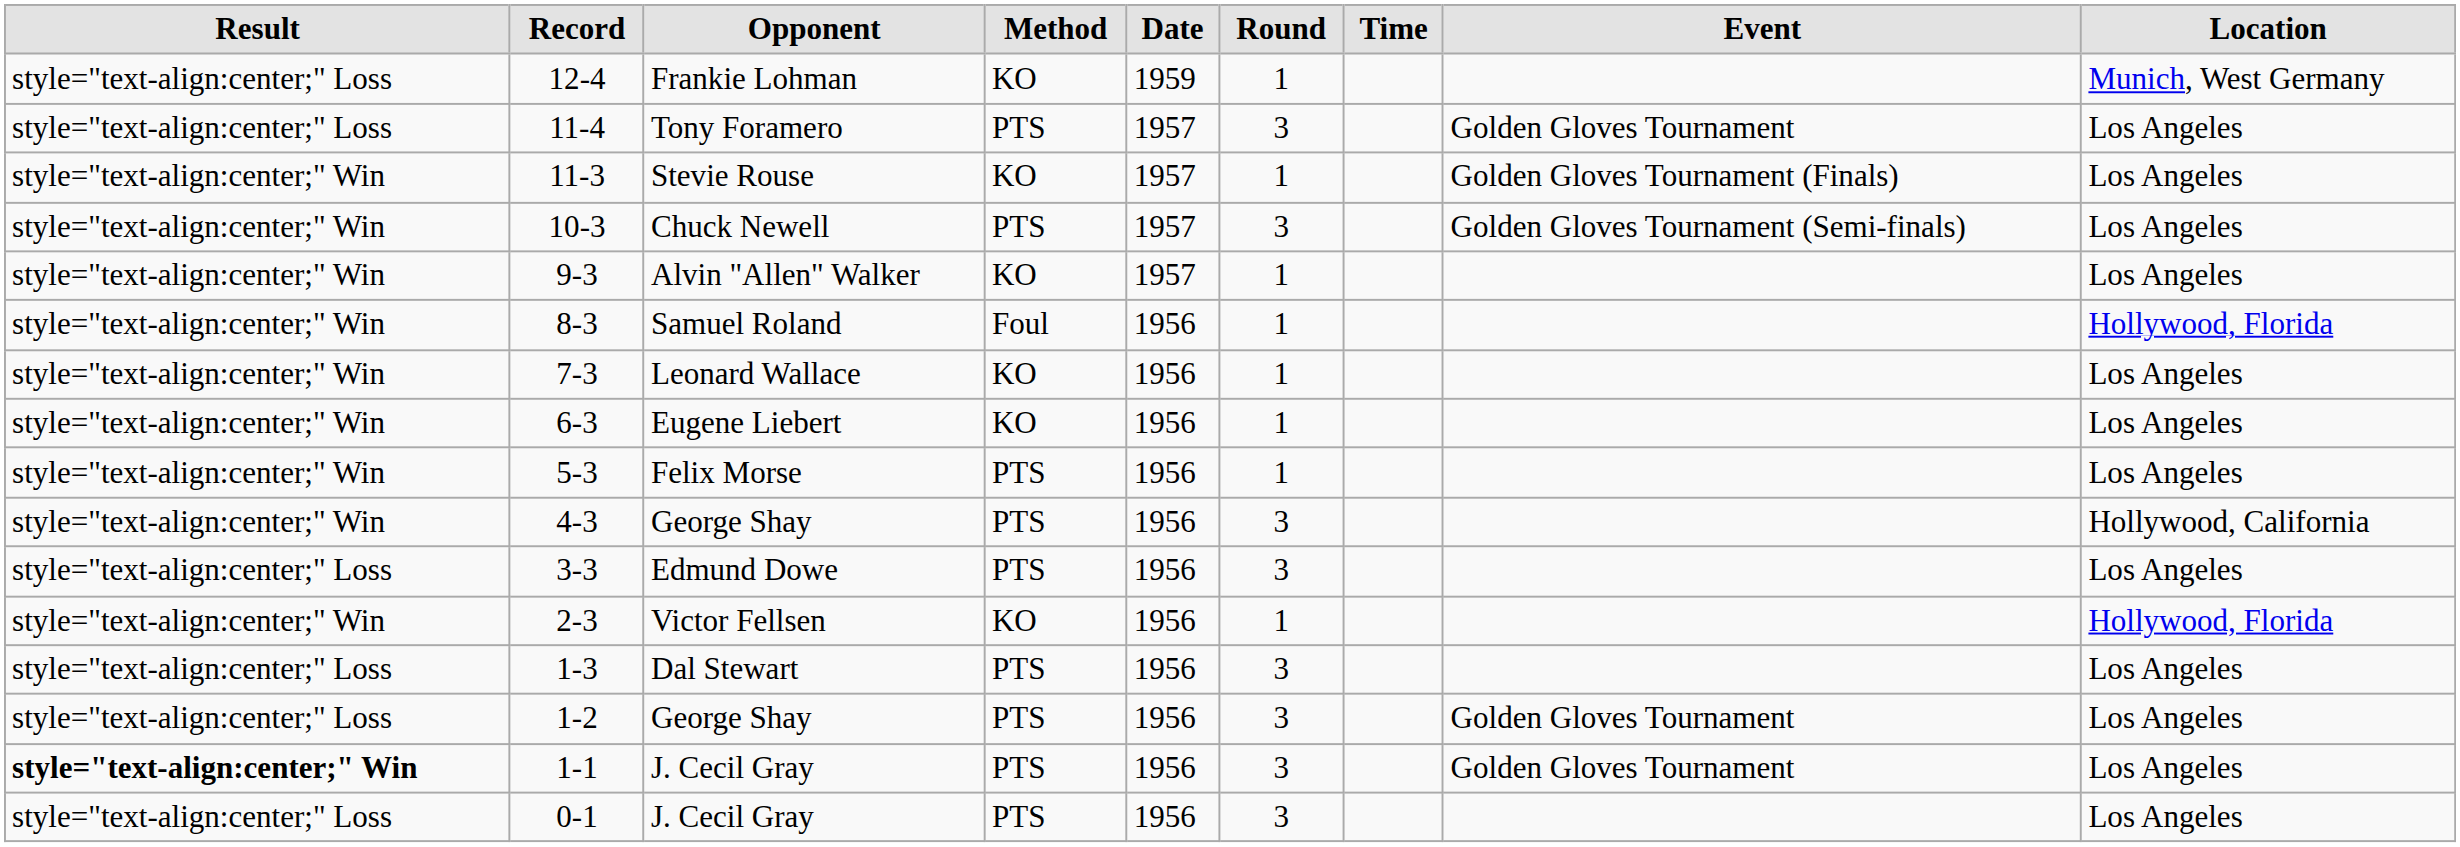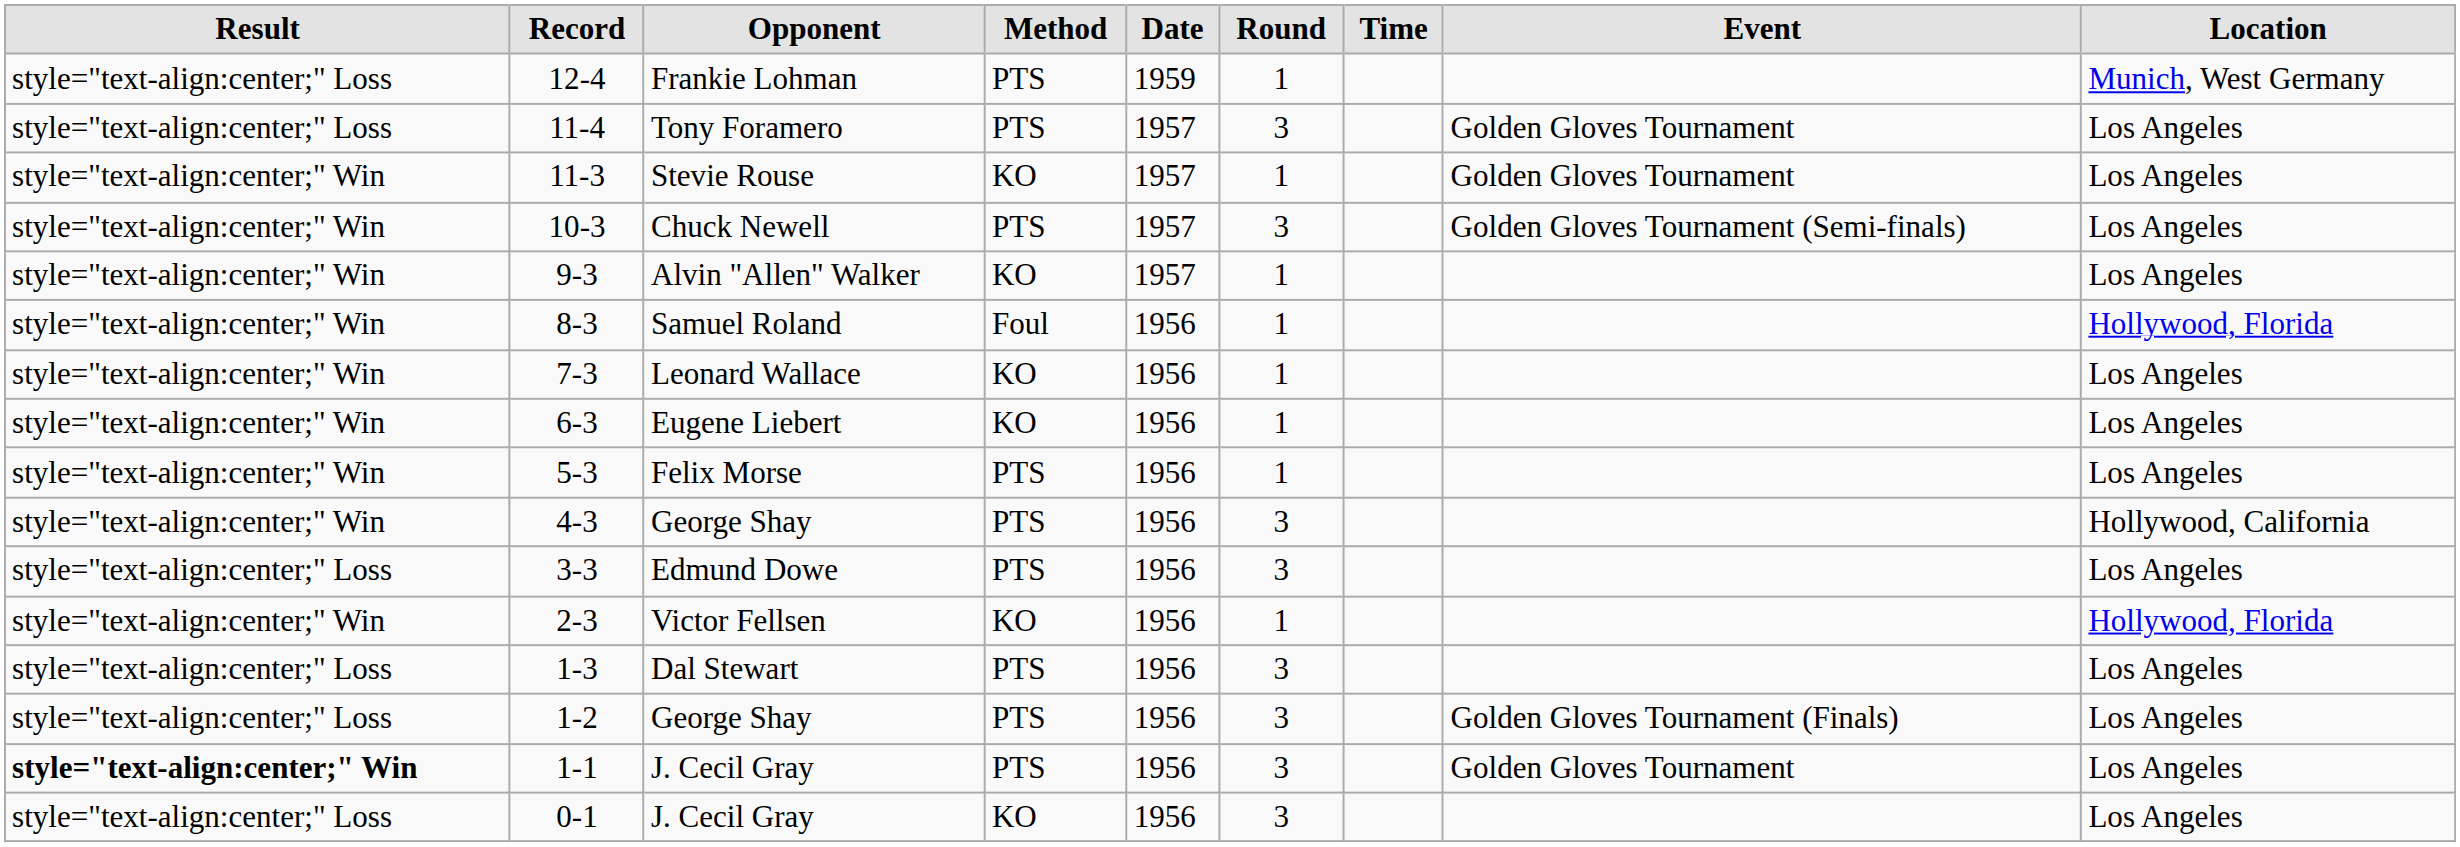 <table class="wikitable sortable" style="font-size:100%; text-align:left; width:100%;">
 <tr style="margin:0.5em auto; font-size:100%;">
 <th style="border-style:none none solid solid; background:#e3e3e3;">Result</th>
 <th style="border-style:none none solid solid; background:#e3e3e3;">Record</th>
 <th style="border-style:none none solid solid; background:#e3e3e3;">Opponent</th>
 <th style="border-style:none none solid solid; background:#e3e3e3;">Method</th>
 <th style="border-style:none none solid solid; background:#e3e3e3;">Date</th>
 <th style="border-style:none none solid solid; background:#e3e3e3;">Round</th>
 <th style="border-style:none none solid solid; background:#e3e3e3;">Time</th>
 <th style="border-style:none none solid solid; background:#e3e3e3;">Event</th>
 <th style="border-style:none none solid solid; background:#e3e3e3;">Location</th>
 </tr>
 <tr>
 <td>style="text-align:center;" Loss</td>
 <td style="text-align:center;">12-4</td>
 <td align='left'> Frankie Lohman</td>
-<td align='left'>KO</td>
+<td align='left'>PTS</td>
 <td align='left'>1959</td>
 <td style="text-align:center;">1</td>
 <td style="text-align:center;"></td>
 <td align='left'></td>
 <td><a href='#'>Munich</a>, West Germany</td>
 </tr>
 <tr>
 <td>style="text-align:center;" Loss</td>
 <td style="text-align:center;">11-4</td>
 <td align='left'> Tony Foramero</td>
 <td align='left'>PTS</td>
 <td align='left'>1957</td>
 <td style="text-align:center;">3</td>
 <td style="text-align:center;"></td>
 <td align='left'>Golden Gloves Tournament</td>
 <td>Los Angeles</td>
 </tr>
 <tr>
 <td>style="text-align:center;" Win</td>
 <td style="text-align:center;">11-3</td>
 <td align='left'> Stevie Rouse</td>
 <td align='left'>KO</td>
 <td align='left'>1957</td>
 <td style="text-align:center;">1</td>
 <td style="text-align:center;"></td>
-<td align='left'>Golden Gloves Tournament (Finals)</td>
+<td align='left'>Golden Gloves Tournament</td>
 <td>Los Angeles</td>
 </tr>
 <tr>
 <td>style="text-align:center;" Win</td>
 <td style="text-align:center;">10-3</td>
 <td align='left'> Chuck Newell</td>
 <td align='left'>PTS</td>
 <td align='left'>1957</td>
 <td style="text-align:center;">3</td>
 <td style="text-align:center;"></td>
 <td align='left'>Golden Gloves Tournament (Semi-finals)</td>
 <td>Los Angeles</td>
 </tr>
 <tr>
 <td>style="text-align:center;" Win</td>
 <td style="text-align:center;">9-3</td>
 <td align='left'> Alvin "Allen" Walker</td>
 <td align='left'>KO</td>
 <td align='left'>1957</td>
 <td style="text-align:center;">1</td>
 <td style="text-align:center;"></td>
 <td align='left'></td>
 <td>Los Angeles</td>
 </tr>
 <tr>
 <td>style="text-align:center;" Win</td>
 <td style="text-align:center;">8-3</td>
 <td align='left'> Samuel Roland</td>
 <td align='left'>Foul</td>
 <td align='left'>1956</td>
 <td style="text-align:center;">1</td>
 <td style="text-align:center;"></td>
 <td align='left'></td>
 <td><a href='#'>Hollywood, Florida</a></td>
 </tr>
 <tr>
 <td>style="text-align:center;" Win</td>
 <td style="text-align:center;">7-3</td>
 <td align='left'> Leonard Wallace</td>
 <td align='left'>KO</td>
 <td align='left'>1956</td>
 <td style="text-align:center;">1</td>
 <td style="text-align:center;"></td>
 <td align='left'></td>
 <td>Los Angeles</td>
 </tr>
 <tr>
 <td>style="text-align:center;" Win</td>
 <td style="text-align:center;">6-3</td>
 <td align='left'> Eugene Liebert</td>
 <td align='left'>KO</td>
 <td align='left'>1956</td>
 <td style="text-align:center;">1</td>
 <td style="text-align:center;"></td>
 <td align='left'></td>
 <td>Los Angeles</td>
 </tr>
 <tr>
 <td>style="text-align:center;" Win</td>
 <td style="text-align:center;">5-3</td>
 <td align='left'> Felix Morse</td>
 <td align='left'>PTS</td>
 <td align='left'>1956</td>
 <td style="text-align:center;">1</td>
 <td style="text-align:center;"></td>
 <td align='left'></td>
 <td>Los Angeles</td>
 </tr>
 <tr>
 <td>style="text-align:center;" Win</td>
 <td style="text-align:center;">4-3</td>
 <td align='left'> George Shay</td>
 <td align='left'>PTS</td>
 <td align='left'>1956</td>
 <td style="text-align:center;">3</td>
 <td style="text-align:center;"></td>
 <td align='left'></td>
 <td>Hollywood, California</td>
 </tr>
 <tr>
 <td>style="text-align:center;" Loss</td>
 <td style="text-align:center;">3-3</td>
 <td align='left'> Edmund Dowe</td>
 <td align='left'>PTS</td>
 <td align='left'>1956</td>
 <td style="text-align:center;">3</td>
 <td style="text-align:center;"></td>
 <td align='left'></td>
 <td>Los Angeles</td>
 </tr>
 <tr>
 <td>style="text-align:center;" Win</td>
 <td style="text-align:center;">2-3</td>
 <td align='left'> Victor Fellsen</td>
 <td align='left'>KO</td>
 <td align='left'>1956</td>
 <td style="text-align:center;">1</td>
 <td style="text-align:center;"></td>
 <td align='left'></td>
 <td><a href='#'>Hollywood, Florida</a></td>
 </tr>
 <tr>
 <td>style="text-align:center;" Loss</td>
 <td style="text-align:center;">1-3</td>
 <td align='left'> Dal Stewart</td>
 <td align='left'>PTS</td>
 <td align='left'>1956</td>
 <td style="text-align:center;">3</td>
 <td style="text-align:center;"></td>
 <td align='left'></td>
 <td>Los Angeles</td>
 </tr>
 <tr>
 <td>style="text-align:center;" Loss</td>
 <td style="text-align:center;">1-2</td>
 <td align='left'> George Shay</td>
 <td align='left'>PTS</td>
 <td align='left'>1956</td>
 <td style="text-align:center;">3</td>
 <td style="text-align:center;"></td>
-<td align='left'>Golden Gloves Tournament</td>
+<td align='left'>Golden Gloves Tournament (Finals)</td>
 <td>Los Angeles</td>
 </tr>
 <tr>
 <td><strong>style="text-align:center;" Win</strong></td>
 <td style="text-align:center;">1-1</td>
 <td align='left'> J. Cecil Gray</td>
 <td align='left'>PTS</td>
 <td align='left'>1956</td>
 <td style="text-align:center;">3</td>
 <td style="text-align:center;"></td>
 <td align='left'>Golden Gloves Tournament</td>
 <td>Los Angeles</td>
 </tr>
 <tr>
 <td>style="text-align:center;" Loss</td>
 <td style="text-align:center;">0-1</td>
 <td align='left'> J. Cecil Gray</td>
-<td align='left'>PTS</td>
+<td align='left'>KO</td>
 <td align='left'>1956</td>
 <td style="text-align:center;">3</td>
 <td style="text-align:center;"></td>
 <td align='left'></td>
 <td>Los Angeles</td>
 </tr>
 </table>
